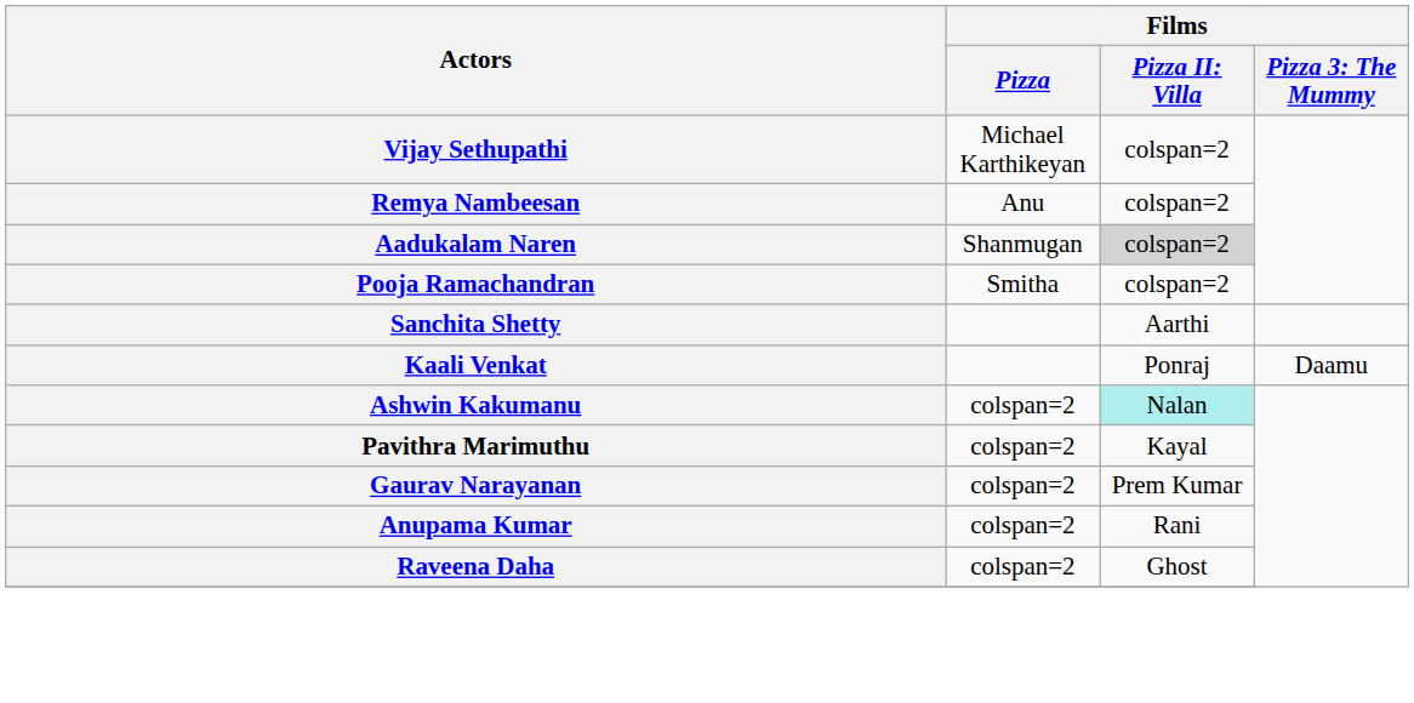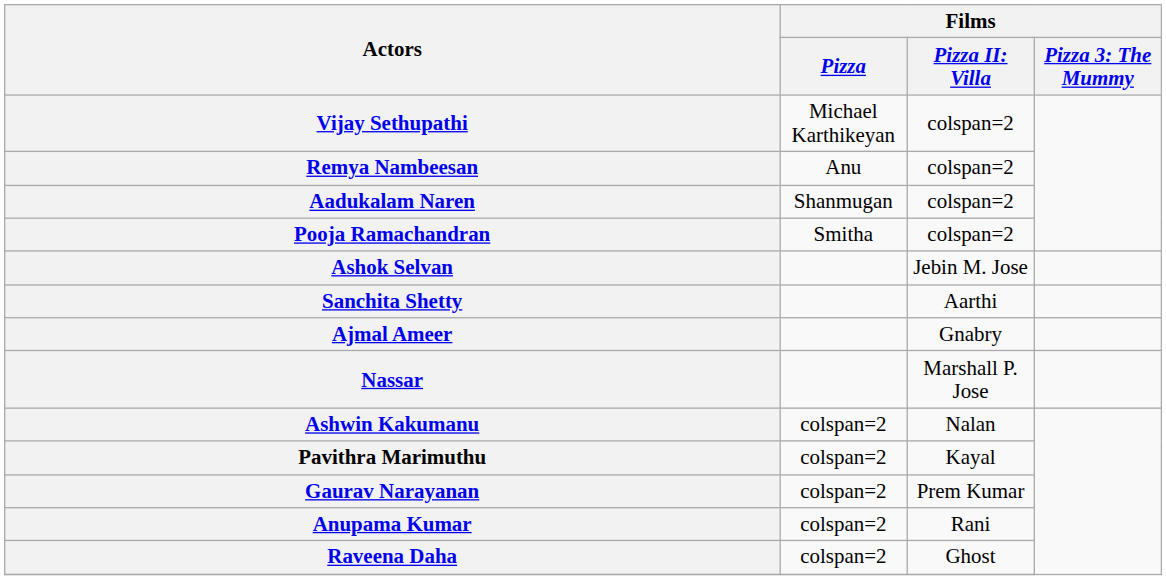 <table class="wikitable" style="text-align:center; width:100%;">
 <tr>
 <th scope="col" rowspan="2" style="text-align:center;">Actors</th>
 <th colspan="3" scope="col" style="text-align:center:">Films</th>
 </tr>
 <tr>
 <th scope="col" style="width:11%"><em><a href='#'>Pizza</a></em></th>
 <th scope="col" style="width:11%"><em><a href='#'>Pizza II: Villa</a></em></th>
 <th scope="col" style="width:11%"><em><a href='#'>Pizza 3: The Mummy</a></em></th>
 </tr>
 <tr>
 <th><a href='#'>Vijay Sethupathi</a></th>
 <td>Michael Karthikeyan</td>
 <td>colspan=2 </td>
 </tr>
 <tr>
 <th><a href='#'>Remya Nambeesan</a></th>
 <td>Anu</td>
 <td>colspan=2 </td>
 </tr>
 <tr>
 <th><a href='#'>Aadukalam Naren</a></th>
 <td>Shanmugan</td>
-<td style="background: lightgrey;">colspan=2 </td>
+<td>colspan=2 </td>
 </tr>
 <tr>
 <th><a href='#'>Pooja Ramachandran</a></th>
 <td>Smitha</td>
 <td>colspan=2 </td>
+</tr>
+<tr>
+<th><a href='#'>Ashok Selvan</a></th>
+<td></td>
+<td>Jebin M. Jose</td>
+<td></td>
 </tr>
 <tr>
 <th><a href='#'>Sanchita Shetty</a></th>
 <td></td>
 <td>Aarthi</td>
 <td></td>
 </tr>
 <tr>
-<th><a href='#'>Kaali Venkat</a></th>
+<th><a href='#'>Ajmal Ameer</a></th>
 <td></td>
-<td>Ponraj</td>
-<td>Daamu</td>
+<td>Gnabry</td>
+<td></td>
+</tr>
+<tr>
+<th><a href='#'>Nassar</a></th>
+<td></td>
+<td>Marshall P. Jose</td>
+<td></td>
 </tr>
 <tr>
 <th><a href='#'>Ashwin Kakumanu</a></th>
 <td>colspan=2 </td>
-<td style="background: paleturquoise;">Nalan</td>
+<td>Nalan</td>
 </tr>
 <tr>
 <th>Pavithra Marimuthu</th>
 <td>colspan=2 </td>
 <td>Kayal</td>
 </tr>
 <tr>
 <th><a href='#'>Gaurav Narayanan</a></th>
 <td>colspan=2 </td>
 <td>Prem Kumar</td>
 </tr>
 <tr>
 <th><a href='#'>Anupama Kumar</a></th>
 <td>colspan=2 </td>
 <td>Rani</td>
 </tr>
 <tr>
 <th><a href='#'>Raveena Daha</a></th>
 <td>colspan=2 </td>
 <td>Ghost</td>
 </tr>
 <tr>
 </tr>
 </table>
